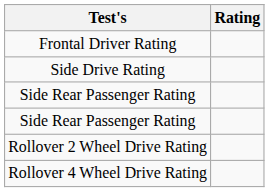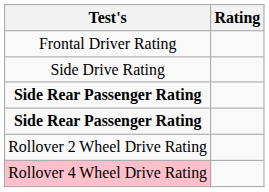 <table class="wikitable" style="text-align:center; font-size:91%;">
 <tr>
 <th>Test's</th>
 <th>Rating</th>
 </tr>
 <tr>
 <td>Frontal Driver Rating</td>
 <td></td>
 </tr>
 <tr>
 <td>Side Drive Rating</td>
 <td></td>
 </tr>
 <tr>
-<td>Side Rear Passenger Rating</td>
+<td><strong>Side Rear Passenger Rating</strong></td>
 <td></td>
 </tr>
 <tr>
-<td>Side Rear Passenger Rating</td>
+<td><strong>Side Rear Passenger Rating</strong></td>
 <td></td>
 </tr>
 <tr>
 <td>Rollover 2 Wheel Drive Rating</td>
 <td></td>
 </tr>
 <tr>
-<td>Rollover 4 Wheel Drive Rating</td>
+<td style="background: pink;">Rollover 4 Wheel Drive Rating</td>
 <td></td>
 </tr>
 </table>
